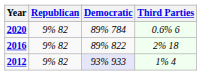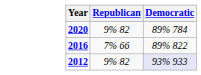 <table class="wikitable" style="float:right; font-size:95%;">
 <tr bgcolor=lightgrey>
 <th>Year</th>
 <th><a href='#'>Republican</a></th>
 <th><a href='#'>Democratic</a></th>
-<th><a href='#'>Third Parties</a></th>
 </tr>
 <tr>
 <td style="text-align:center; "><strong><a href='#'>2020</a></strong></td>
 <td style="text-align:center; "><em>9%</em> <em>82</em></td>
 <td style="text-align:center; "><em>89%</em> <em>784</em></td>
-<td style="text-align:center; background:honeyDew;"><em>0.6%</em> <em>6</em></td>
 </tr>
 <tr>
 <td style="text-align:center; "><strong><a href='#'>2016</a></strong></td>
-<td style="text-align:center; "><em>9%</em> <em>82</em></td>
+<td style="text-align:center; "><em>7%</em> <em>66</em></td>
 <td style="text-align:center; "><em>89%</em> <em>822</em></td>
-<td style="text-align:center; background:honeyDew;"><em>2%</em> <em>18</em></td>
 </tr>
 <tr>
 <td style="text-align:center; "><strong><a href='#'>2012</a></strong></td>
 <td style="text-align:center; "><em>9%</em> <em>82</em></td>
 <td style="background: lavender; text-align:center; "><em>93%</em> <em>933</em></td>
-<td style="text-align:center; background:honeyDew;"><em>1%</em> <em>4</em></td>
 </tr>
 </table>
